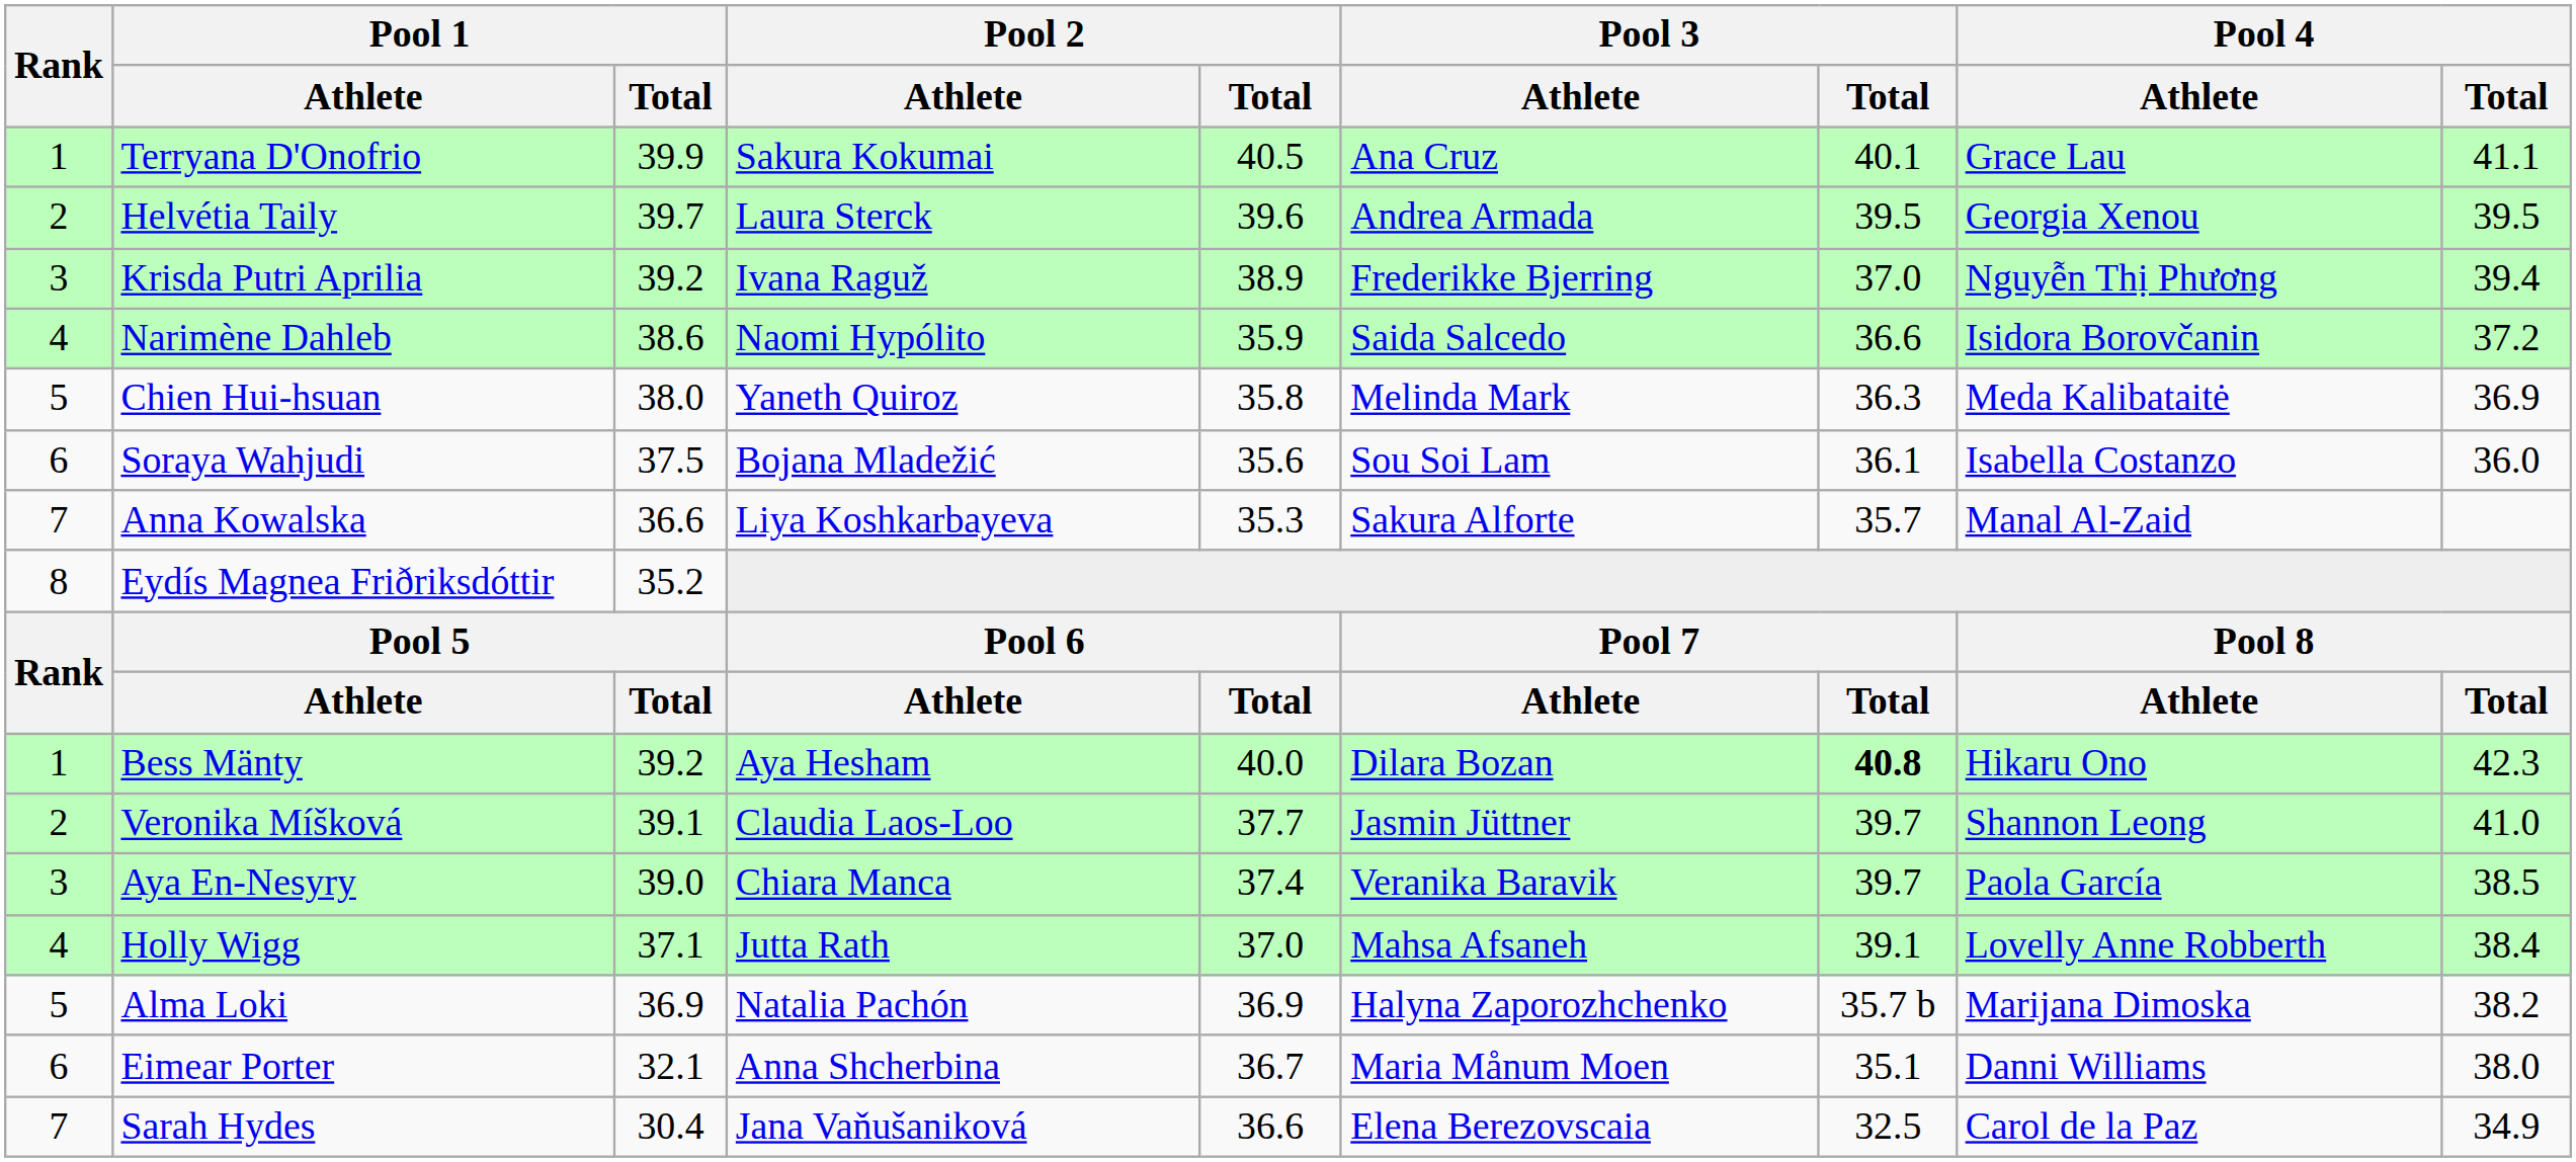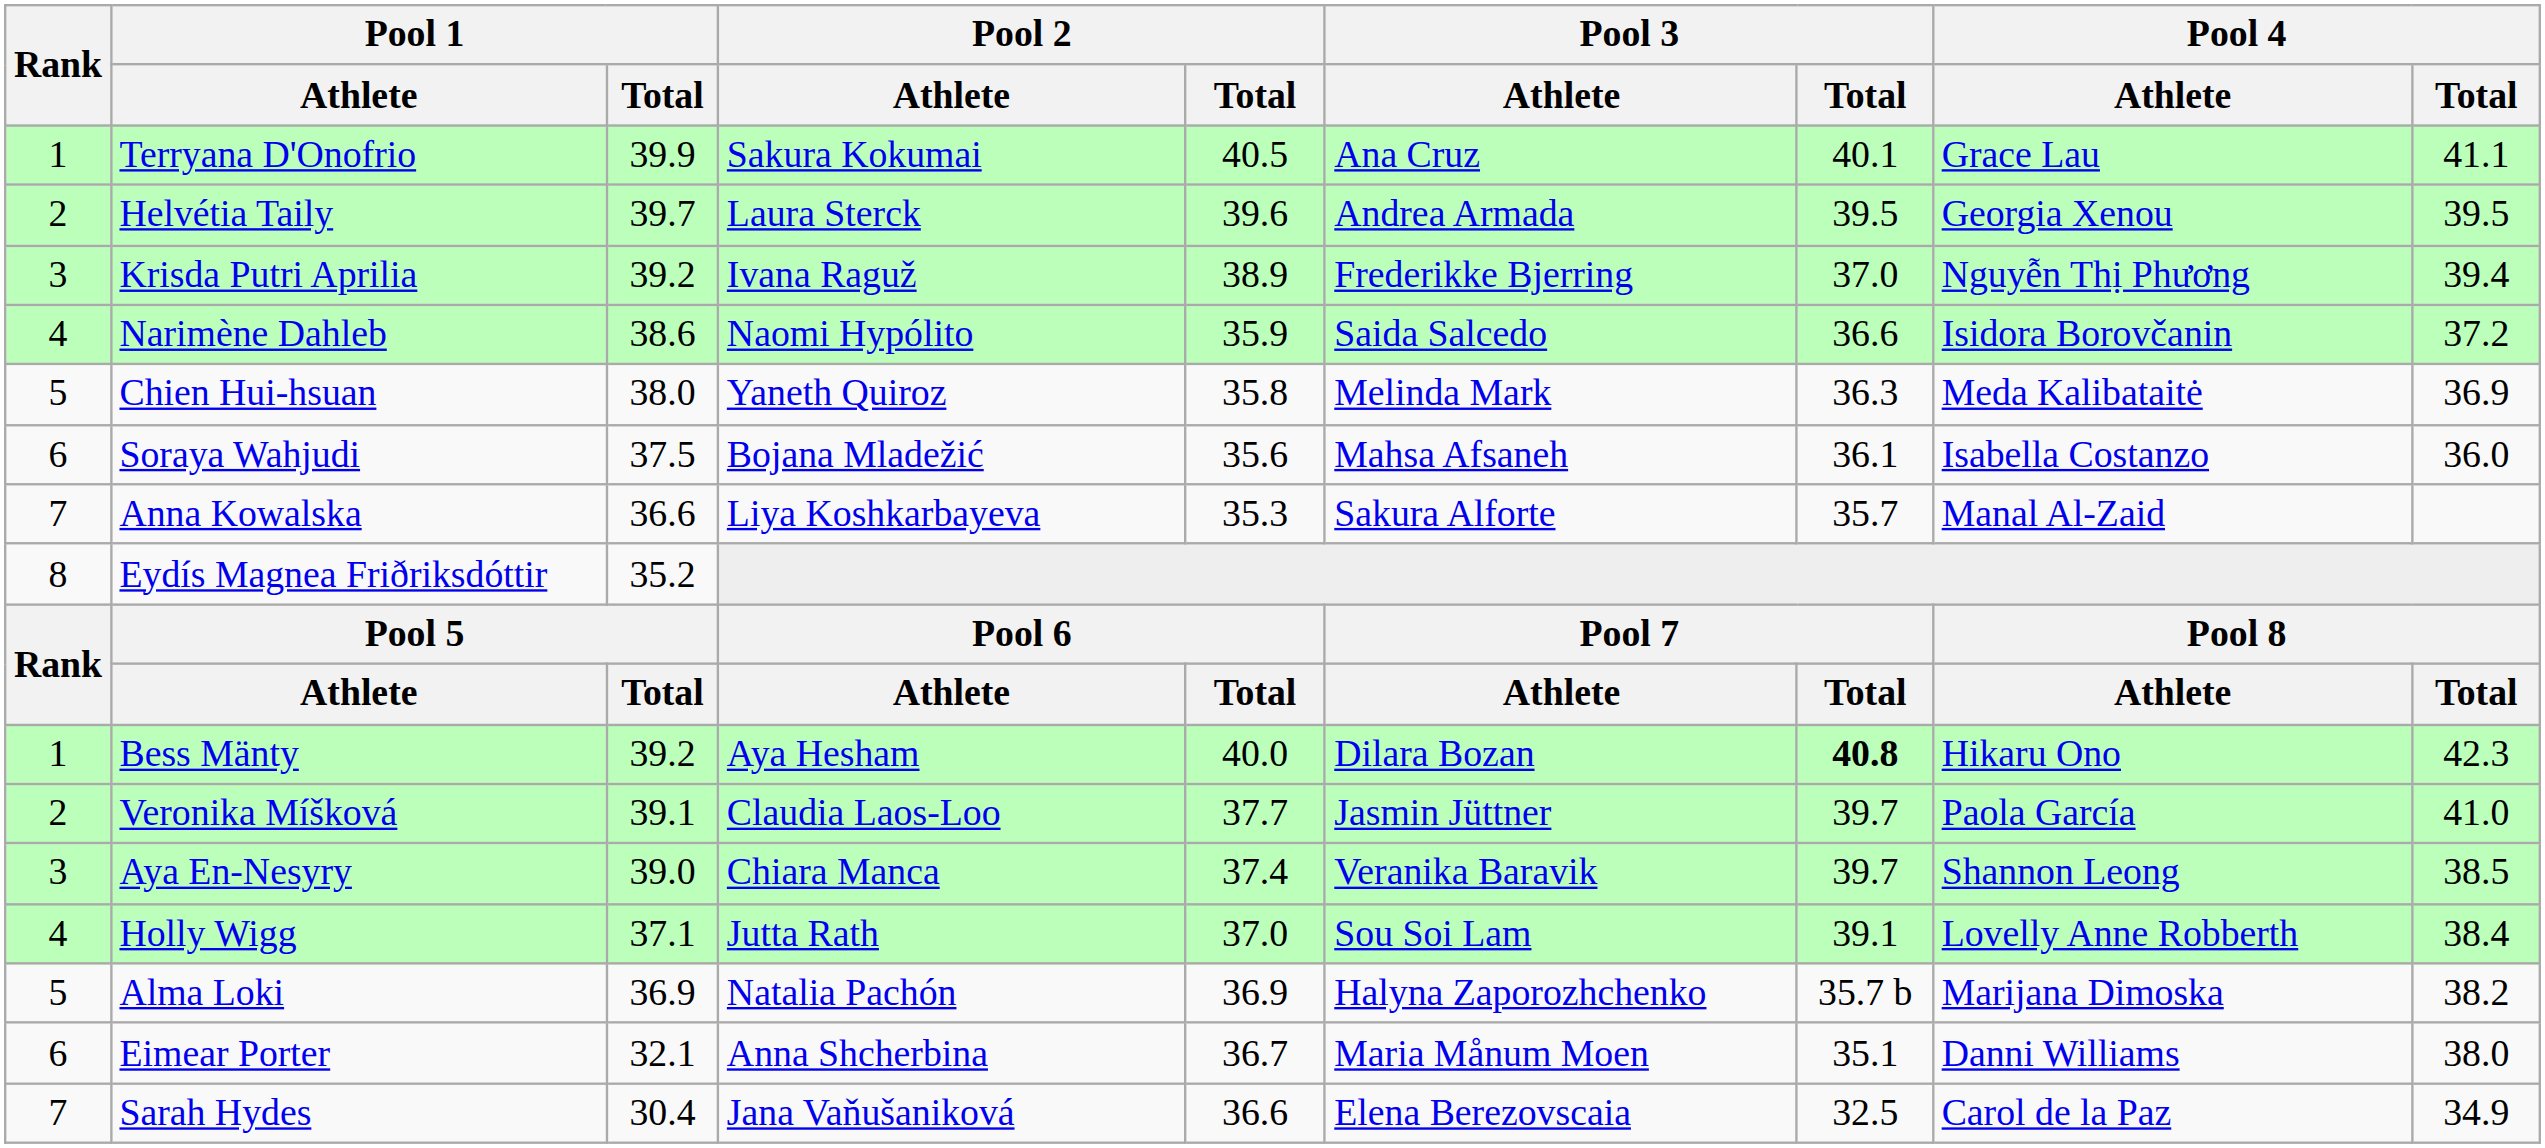 <table class="wikitable" style="text-align:center;">
 <tr>
 <th rowspan=2>Rank</th>
 <th colspan=2 width=250>Pool 1</th>
 <th colspan=2 width=250>Pool 2</th>
 <th colspan=2 width=250>Pool 3</th>
 <th colspan=2 width=250>Pool 4</th>
 </tr>
 <tr>
 <th>Athlete</th>
 <th>Total</th>
 <th>Athlete</th>
 <th>Total</th>
 <th>Athlete</th>
 <th>Total</th>
 <th>Athlete</th>
 <th>Total</th>
 </tr>
 <tr bgcolor=bbffbb>
 <td>1</td>
 <td align=left> <a href='#'>Terryana D'Onofrio</a></td>
 <td>39.9</td>
 <td align=left> <a href='#'>Sakura Kokumai</a></td>
 <td>40.5</td>
 <td align=left> <a href='#'>Ana Cruz</a></td>
 <td>40.1</td>
 <td align=left> <a href='#'>Grace Lau</a></td>
 <td>41.1</td>
 </tr>
 <tr bgcolor=bbffbb>
 <td>2</td>
 <td align=left> <a href='#'>Helvétia Taily</a></td>
 <td>39.7</td>
 <td align=left> <a href='#'>Laura Sterck</a></td>
 <td>39.6</td>
 <td align=left> <a href='#'>Andrea Armada</a></td>
 <td>39.5</td>
 <td align=left> <a href='#'>Georgia Xenou</a></td>
 <td>39.5</td>
 </tr>
 <tr bgcolor=bbffbb>
 <td>3</td>
 <td align=left> <a href='#'>Krisda Putri Aprilia</a></td>
 <td>39.2</td>
 <td align=left> <a href='#'>Ivana Raguž</a></td>
 <td>38.9</td>
 <td align=left> <a href='#'>Frederikke Bjerring</a></td>
 <td>37.0</td>
 <td align=left> <a href='#'>Nguyễn Thị Phương</a></td>
 <td>39.4</td>
 </tr>
 <tr bgcolor=bbffbb>
 <td>4</td>
 <td align=left>  <a href='#'>Narimène Dahleb</a></td>
 <td>38.6</td>
 <td align=left> <a href='#'>Naomi Hypólito</a></td>
 <td>35.9</td>
 <td align=left> <a href='#'>Saida Salcedo</a></td>
 <td>36.6</td>
 <td align=left> <a href='#'>Isidora Borovčanin</a></td>
 <td>37.2</td>
 </tr>
 <tr>
 <td>5</td>
 <td align=left> <a href='#'>Chien Hui-hsuan</a></td>
 <td>38.0</td>
 <td align=left> <a href='#'>Yaneth Quiroz</a></td>
 <td>35.8</td>
 <td align=left> <a href='#'>Melinda Mark</a></td>
 <td>36.3</td>
 <td align=left> <a href='#'>Meda Kalibataitė</a></td>
 <td>36.9</td>
 </tr>
 <tr>
 <td>6</td>
 <td align=left> <a href='#'>Soraya Wahjudi</a></td>
 <td>37.5</td>
 <td align=left> <a href='#'>Bojana Mladežić</a></td>
 <td>35.6</td>
-<td align=left> <a href='#'>Sou Soi Lam</a></td>
+<td align=left> <a href='#'>Mahsa Afsaneh</a></td>
 <td>36.1</td>
 <td align=left> <a href='#'>Isabella Costanzo</a></td>
 <td>36.0</td>
 </tr>
 <tr>
 <td>7</td>
 <td align=left> <a href='#'>Anna Kowalska</a></td>
 <td>36.6</td>
 <td align=left> <a href='#'>Liya Koshkarbayeva</a></td>
 <td>35.3</td>
 <td align=left> <a href='#'>Sakura Alforte</a></td>
 <td>35.7</td>
 <td align=left> <a href='#'>Manal Al-Zaid</a></td>
 <td></td>
 </tr>
 <tr>
 <td>8</td>
 <td align=left> <a href='#'>Eydís Magnea Friðriksdóttir</a></td>
 <td>35.2</td>
 <td colspan=6 style="background:#eeeeee;"></td>
 </tr>
 <tr>
 <th rowspan=2>Rank</th>
 <th colspan=2 align=left>Pool 5</th>
 <th colspan=2 align=left>Pool 6</th>
 <th colspan=2 align=left>Pool 7</th>
 <th colspan=2 align=left>Pool 8</th>
 </tr>
 <tr>
 <th>Athlete</th>
 <th>Total</th>
 <th>Athlete</th>
 <th>Total</th>
 <th>Athlete</th>
 <th>Total</th>
 <th>Athlete</th>
 <th>Total</th>
 </tr>
 <tr bgcolor=bbffbb>
 <td>1</td>
 <td align=left> <a href='#'>Bess Mänty</a></td>
 <td>39.2</td>
 <td align=left> <a href='#'>Aya Hesham</a></td>
 <td>40.0</td>
 <td align=left> <a href='#'>Dilara Bozan</a></td>
 <td><strong>40.8</strong></td>
 <td align=left> <a href='#'>Hikaru Ono</a></td>
 <td>42.3</td>
 </tr>
 <tr bgcolor=bbffbb>
 <td>2</td>
 <td align=left> <a href='#'>Veronika Míšková</a></td>
 <td>39.1</td>
 <td align=left> <a href='#'>Claudia Laos-Loo</a></td>
 <td>37.7</td>
 <td align=left> <a href='#'>Jasmin Jüttner</a></td>
 <td>39.7</td>
-<td align=left> <a href='#'>Shannon Leong</a></td>
+<td align=left> <a href='#'>Paola García</a></td>
 <td>41.0</td>
 </tr>
 <tr bgcolor=bbffbb>
 <td>3</td>
 <td align=left> <a href='#'>Aya En-Nesyry</a></td>
 <td>39.0</td>
 <td align=left> <a href='#'>Chiara Manca</a></td>
 <td>37.4</td>
 <td align=left> <a href='#'>Veranika Baravik</a></td>
 <td>39.7</td>
-<td align=left> <a href='#'>Paola García</a></td>
+<td align=left> <a href='#'>Shannon Leong</a></td>
 <td>38.5</td>
 </tr>
 <tr bgcolor=bbffbb>
 <td>4</td>
 <td align=left> <a href='#'>Holly Wigg</a></td>
 <td>37.1</td>
 <td align=left> <a href='#'>Jutta Rath</a></td>
 <td>37.0</td>
-<td align=left> <a href='#'>Mahsa Afsaneh</a></td>
+<td align=left> <a href='#'>Sou Soi Lam</a></td>
 <td>39.1</td>
 <td align=left> <a href='#'>Lovelly Anne Robberth</a></td>
 <td>38.4</td>
 </tr>
 <tr>
 <td>5</td>
 <td align=left> <a href='#'>Alma Loki</a></td>
 <td>36.9</td>
 <td align=left> <a href='#'>Natalia Pachón</a></td>
 <td>36.9</td>
 <td align=left> <a href='#'>Halyna Zaporozhchenko</a></td>
 <td>35.7 b</td>
 <td align=left> <a href='#'>Marijana Dimoska</a></td>
 <td>38.2</td>
 </tr>
 <tr>
 <td>6</td>
 <td align=left> <a href='#'>Eimear Porter</a></td>
 <td>32.1</td>
 <td align=left> <a href='#'>Anna Shcherbina</a></td>
 <td>36.7</td>
 <td align=left> <a href='#'>Maria Månum Moen</a></td>
 <td>35.1</td>
 <td align=left> <a href='#'>Danni Williams</a></td>
 <td>38.0</td>
 </tr>
 <tr>
 <td>7</td>
 <td align=left> <a href='#'>Sarah Hydes</a></td>
 <td>30.4</td>
 <td align=left> <a href='#'>Jana Vaňušaniková</a></td>
 <td>36.6</td>
 <td align=left> <a href='#'>Elena Berezovscaia</a></td>
 <td>32.5</td>
 <td align=left> <a href='#'>Carol de la Paz</a></td>
 <td>34.9</td>
 </tr>
 </table>
